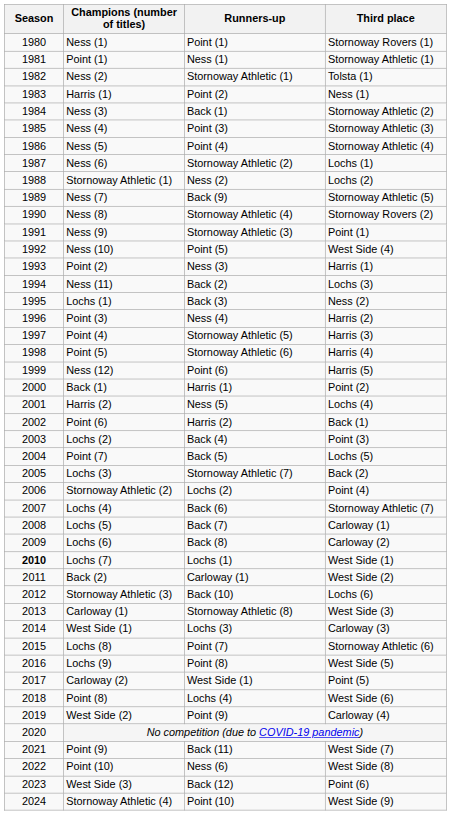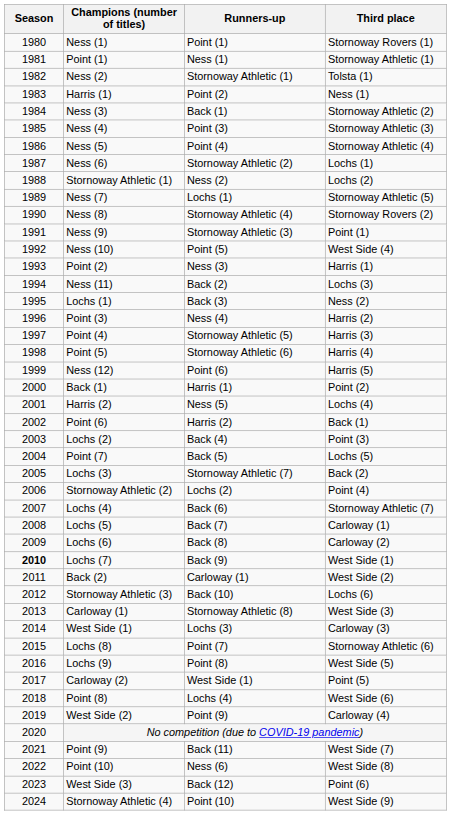 <table class="wikitable sortable">
 <tr>
 <th width="80">Season</th>
 <th width="170">Champions (number of titles)</th>
 <th width="200">Runners-up</th>
 <th width="170">Third place</th>
 </tr>
 <tr>
 <td align=center>1980</td>
 <td>Ness (1)</td>
 <td>Point (1)</td>
 <td>Stornoway Rovers (1)</td>
 </tr>
 <tr>
 <td align=center>1981</td>
 <td>Point (1)</td>
 <td>Ness (1)</td>
 <td>Stornoway Athletic (1)</td>
 </tr>
 <tr>
 <td align=center>1982</td>
 <td>Ness (2)</td>
 <td>Stornoway Athletic (1)</td>
 <td>Tolsta (1)</td>
 </tr>
 <tr>
 <td align=center>1983</td>
 <td>Harris (1)</td>
 <td>Point (2)</td>
 <td>Ness (1)</td>
 </tr>
 <tr>
 <td align=center>1984</td>
 <td>Ness (3)</td>
 <td>Back (1)</td>
 <td>Stornoway Athletic (2)</td>
 </tr>
 <tr>
 <td align=center>1985</td>
 <td>Ness (4)</td>
 <td>Point (3)</td>
 <td>Stornoway Athletic (3)</td>
 </tr>
 <tr>
 <td align=center>1986</td>
 <td>Ness (5)</td>
 <td>Point (4)</td>
 <td>Stornoway Athletic (4)</td>
 </tr>
 <tr>
 <td align=center>1987</td>
 <td>Ness (6)</td>
 <td>Stornoway Athletic (2)</td>
 <td>Lochs (1)</td>
 </tr>
 <tr>
 <td align=center>1988</td>
 <td>Stornoway Athletic (1)</td>
 <td>Ness (2)</td>
 <td>Lochs (2)</td>
 </tr>
 <tr>
 <td align=center>1989</td>
 <td>Ness (7)</td>
-<td>Back (9)</td>
+<td>Lochs (1)</td>
 <td>Stornoway Athletic (5)</td>
 </tr>
 <tr>
 <td align=center>1990</td>
 <td>Ness (8)</td>
 <td>Stornoway Athletic (4)</td>
 <td>Stornoway Rovers (2)</td>
 </tr>
 <tr>
 <td align=center>1991</td>
 <td>Ness (9)</td>
 <td>Stornoway Athletic (3)</td>
 <td>Point (1)</td>
 </tr>
 <tr>
 <td align=center>1992</td>
 <td>Ness (10)</td>
 <td>Point (5)</td>
 <td>West Side (4)</td>
 </tr>
 <tr>
 <td align=center>1993</td>
 <td>Point (2)</td>
 <td>Ness (3)</td>
 <td>Harris (1)</td>
 </tr>
 <tr>
 <td align=center>1994</td>
 <td>Ness (11)</td>
 <td>Back (2)</td>
 <td>Lochs (3)</td>
 </tr>
 <tr>
 <td align=center>1995</td>
 <td>Lochs (1)</td>
 <td>Back (3)</td>
 <td>Ness (2)</td>
 </tr>
 <tr>
 <td align=center>1996</td>
 <td>Point (3)</td>
 <td>Ness (4)</td>
 <td>Harris (2)</td>
 </tr>
 <tr>
 <td align=center>1997</td>
 <td>Point (4)</td>
 <td>Stornoway Athletic (5)</td>
 <td>Harris (3)</td>
 </tr>
 <tr>
 <td align=center>1998</td>
 <td>Point (5)</td>
 <td>Stornoway Athletic (6)</td>
 <td>Harris (4)</td>
 </tr>
 <tr>
 <td align=center>1999</td>
 <td>Ness (12)</td>
 <td>Point (6)</td>
 <td>Harris (5)</td>
 </tr>
 <tr>
 <td align=center>2000</td>
 <td>Back (1)</td>
 <td>Harris (1)</td>
 <td>Point (2)</td>
 </tr>
 <tr>
 <td align=center>2001</td>
 <td>Harris (2)</td>
 <td>Ness (5)</td>
 <td>Lochs (4)</td>
 </tr>
 <tr>
 <td align=center>2002</td>
 <td>Point (6)</td>
 <td>Harris (2)</td>
 <td>Back (1)</td>
 </tr>
 <tr>
 <td align=center>2003</td>
 <td>Lochs (2)</td>
 <td>Back (4)</td>
 <td>Point (3)</td>
 </tr>
 <tr>
 <td align=center>2004</td>
 <td>Point (7)</td>
 <td>Back (5)</td>
 <td>Lochs (5)</td>
 </tr>
 <tr>
 <td align=center>2005</td>
 <td>Lochs (3)</td>
 <td>Stornoway Athletic (7)</td>
 <td>Back (2)</td>
 </tr>
 <tr>
 <td align=center>2006</td>
 <td>Stornoway Athletic (2)</td>
 <td>Lochs (2)</td>
 <td>Point (4)</td>
 </tr>
 <tr>
 <td align=center>2007</td>
 <td>Lochs (4)</td>
 <td>Back (6)</td>
 <td>Stornoway Athletic (7)</td>
 </tr>
 <tr>
 <td align=center>2008</td>
 <td>Lochs (5)</td>
 <td>Back (7)</td>
 <td>Carloway (1)</td>
 </tr>
 <tr>
 <td align=center>2009</td>
 <td>Lochs (6)</td>
 <td>Back (8)</td>
 <td>Carloway (2)</td>
 </tr>
 <tr>
 <td align=center><strong>2010</strong></td>
 <td>Lochs (7)</td>
-<td>Lochs (1)</td>
+<td>Back (9)</td>
 <td>West Side (1)</td>
 </tr>
 <tr>
 <td align=center>2011</td>
 <td>Back (2)</td>
 <td>Carloway (1)</td>
 <td>West Side (2)</td>
 </tr>
 <tr>
 <td align=center>2012</td>
 <td>Stornoway Athletic (3)</td>
 <td>Back (10)</td>
 <td>Lochs (6)</td>
 </tr>
 <tr>
 <td align=center>2013</td>
 <td>Carloway (1)</td>
 <td>Stornoway Athletic (8)</td>
 <td>West Side (3)</td>
 </tr>
 <tr>
 <td align=center>2014</td>
 <td>West Side (1)</td>
 <td>Lochs (3)</td>
 <td>Carloway (3)</td>
 </tr>
 <tr>
 <td align=center>2015</td>
 <td>Lochs (8)</td>
 <td>Point (7)</td>
 <td>Stornoway Athletic (6)</td>
 </tr>
 <tr>
 <td align=center>2016</td>
 <td>Lochs (9)</td>
 <td>Point (8)</td>
 <td>West Side (5)</td>
 </tr>
 <tr>
 <td align=center>2017</td>
 <td>Carloway (2)</td>
 <td>West Side (1)</td>
 <td>Point (5)</td>
 </tr>
 <tr>
 <td align=center>2018</td>
 <td>Point (8)</td>
 <td>Lochs (4)</td>
 <td>West Side (6)</td>
 </tr>
 <tr>
 <td align=center>2019</td>
 <td>West Side (2)</td>
 <td>Point (9)</td>
 <td>Carloway (4)</td>
 </tr>
 <tr>
 <td align=center>2020</td>
 <td colspan=3 align="center" bgcolor="#f5f5f5"><em>No competition (due to <a href='#'>COVID-19 pandemic</a>)</em></td>
 </tr>
 <tr>
 <td align=center>2021</td>
 <td>Point (9)</td>
 <td>Back (11)</td>
 <td>West Side (7)</td>
 </tr>
 <tr>
 <td align=center>2022</td>
 <td>Point (10)</td>
 <td>Ness (6)</td>
 <td>West Side (8)</td>
 </tr>
 <tr>
 <td align=center>2023</td>
 <td>West Side (3)</td>
 <td>Back (12)</td>
 <td>Point (6)</td>
 </tr>
 <tr>
 <td align=center>2024</td>
 <td>Stornoway Athletic (4)</td>
 <td>Point (10)</td>
 <td>West Side (9)</td>
 </tr>
 </table>
